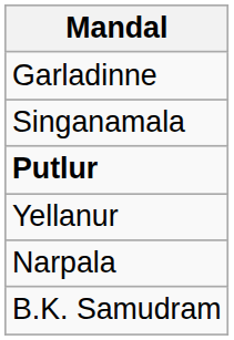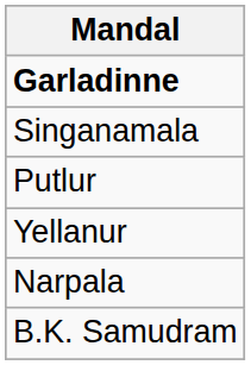 <table class="wikitable sortable static-row-numbers static-row-header-hash">
 <tr>
 <th>Mandal</th>
 </tr>
 <tr>
-<td>Garladinne</td>
+<td><strong>Garladinne</strong></td>
 </tr>
 <tr>
 <td>Singanamala</td>
 </tr>
 <tr>
-<td><strong>Putlur</strong></td>
+<td>Putlur</td>
 </tr>
 <tr>
 <td>Yellanur</td>
 </tr>
 <tr>
 <td>Narpala</td>
 </tr>
 <tr>
 <td>B.K. Samudram</td>
 </tr>
 </table>
